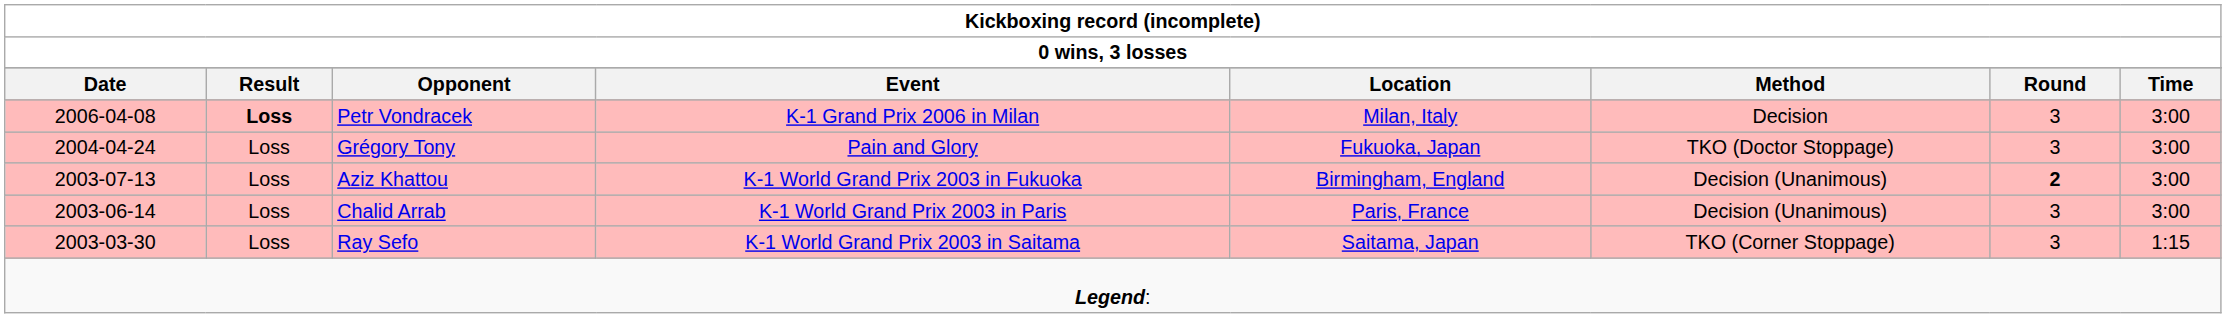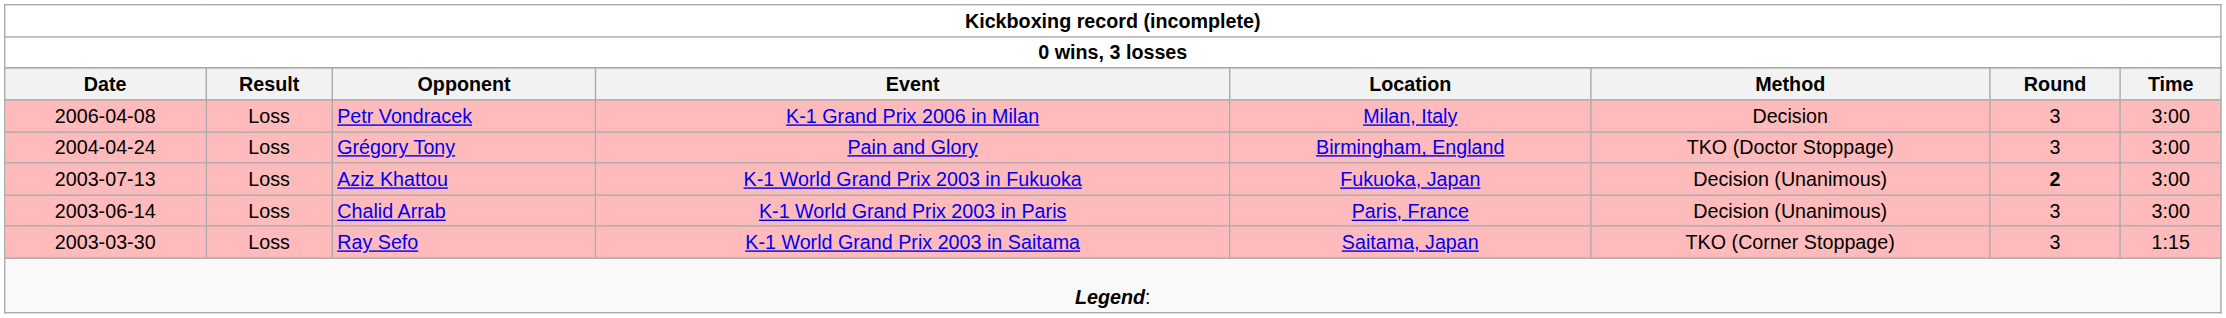 <table class="wikitable collapsible" style="font-size:88%; width:100%; text-align:center;">
 <tr>
 <th colspan=9 style="background:#fff">Kickboxing record (incomplete)</th>
 </tr>
 <tr>
 <td colspan=9 style="background:#fff"><strong>0 wins, 3 losses</strong></td>
 </tr>
 <tr>
 </tr>
 <tr align="center"  bgcolor="#dddddd">
 <th>Date</th>
 <th>Result</th>
 <th>Opponent</th>
 <th>Event</th>
 <th>Location</th>
 <th>Method</th>
 <th>Round</th>
 <th>Time</th>
 </tr>
 <tr align="center"  bgcolor=#FFBBBB>
 <td>2006-04-08</td>
-<td><strong>Loss</strong></td>
+<td>Loss</td>
 <td align=left> <a href='#'>Petr Vondracek</a></td>
 <td><a href='#'>K-1 Grand Prix 2006 in Milan</a></td>
 <td><a href='#'>Milan, Italy</a></td>
 <td>Decision</td>
 <td>3</td>
 <td>3:00</td>
 </tr>
 <tr align="center"  bgcolor=#FFBBBB>
 <td>2004-04-24</td>
 <td>Loss</td>
 <td align=left> <a href='#'>Grégory Tony</a></td>
 <td><a href='#'>Pain and Glory</a></td>
-<td><a href='#'>Fukuoka, Japan</a></td>
+<td><a href='#'>Birmingham, England</a></td>
 <td>TKO (Doctor Stoppage)</td>
 <td>3</td>
 <td>3:00</td>
 </tr>
 <tr align="center"  bgcolor=#FFBBBB>
 <td>2003-07-13</td>
 <td>Loss</td>
 <td align=left> <a href='#'>Aziz Khattou</a></td>
 <td><a href='#'>K-1 World Grand Prix 2003 in Fukuoka</a></td>
-<td><a href='#'>Birmingham, England</a></td>
+<td><a href='#'>Fukuoka, Japan</a></td>
 <td>Decision (Unanimous)</td>
 <td><strong>2</strong></td>
 <td>3:00</td>
 </tr>
 <tr align="center"  bgcolor=#FFBBBB>
 <td>2003-06-14</td>
 <td>Loss</td>
 <td align=left> <a href='#'>Chalid Arrab</a></td>
 <td><a href='#'>K-1 World Grand Prix 2003 in Paris</a></td>
 <td><a href='#'>Paris, France</a></td>
 <td>Decision (Unanimous)</td>
 <td>3</td>
 <td>3:00</td>
 </tr>
 <tr align="center"  bgcolor=#FFBBBB>
 <td>2003-03-30</td>
 <td>Loss</td>
 <td align=left> <a href='#'>Ray Sefo</a></td>
 <td><a href='#'>K-1 World Grand Prix 2003 in Saitama</a></td>
 <td><a href='#'>Saitama, Japan</a></td>
 <td>TKO (Corner Stoppage)</td>
 <td>3</td>
 <td>1:15</td>
 </tr>
 <tr>
 <td colspan=9><br><strong><em>Legend</em></strong>:    </td>
 </tr>
 </table>
